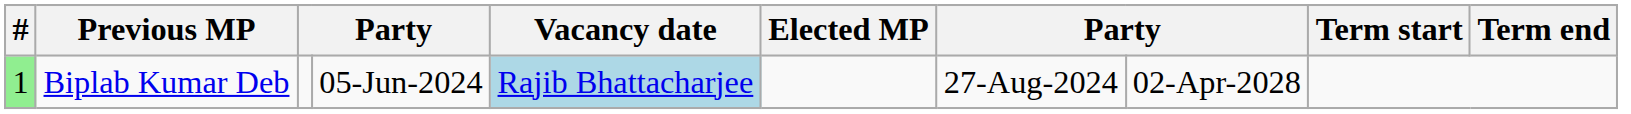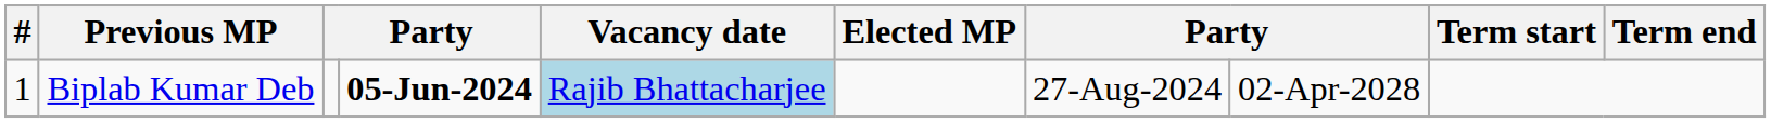 <table class="wikitable" style="text-align:center;">
 <tr>
 <th>#</th>
 <th>Previous MP</th>
 <th colspan="2">Party</th>
 <th>Vacancy date</th>
 <th>Elected MP</th>
 <th colspan="2">Party</th>
 <th>Term start</th>
 <th>Term end</th>
 </tr>
 <tr>
-<td style="background: lightgreen;">1</td>
+<td>1</td>
 <td><a href='#'>Biplab Kumar Deb</a></td>
 <td></td>
-<td>05-Jun-2024</td>
+<td><strong>05-Jun-2024</strong></td>
 <td style="background: lightblue;"><a href='#'>Rajib Bhattacharjee</a></td>
 <td></td>
 <td>27-Aug-2024</td>
 <td>02-Apr-2028</td>
 </tr>
 </table>
